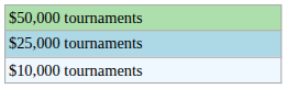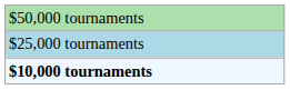 <table class="wikitable"  style="font-size:85%; width:12%;">
 <tr style="background:#addfad;">
 <td>$50,000 tournaments</td>
 </tr>
 <tr style="background:lightblue;">
 <td>$25,000 tournaments</td>
 </tr>
 <tr style="background:#f0f8ff;">
-<td>$10,000 tournaments</td>
+<td><strong>$10,000 tournaments</strong></td>
 </tr>
 </table>
